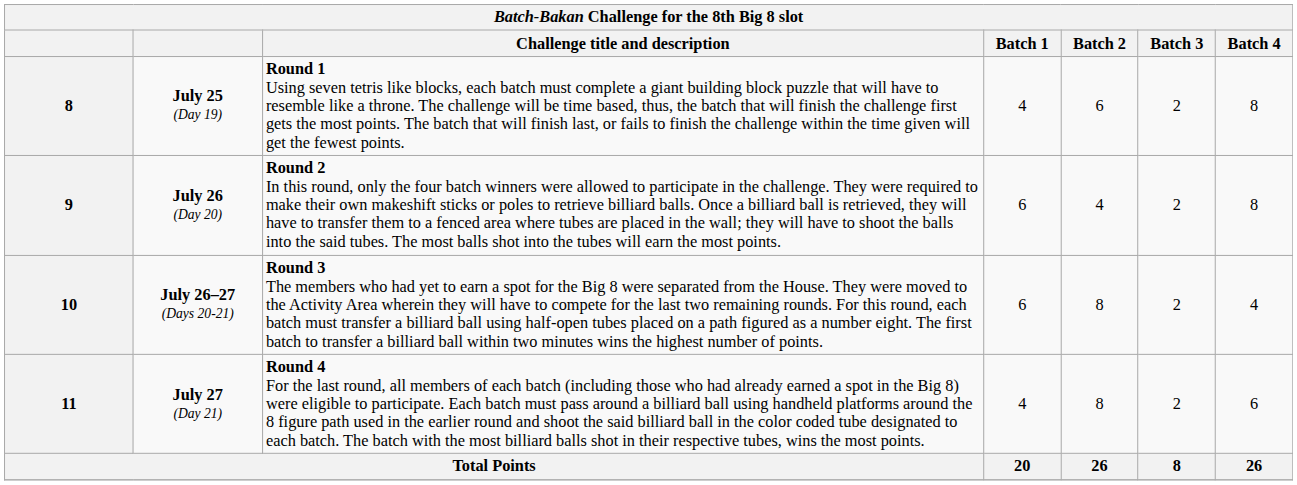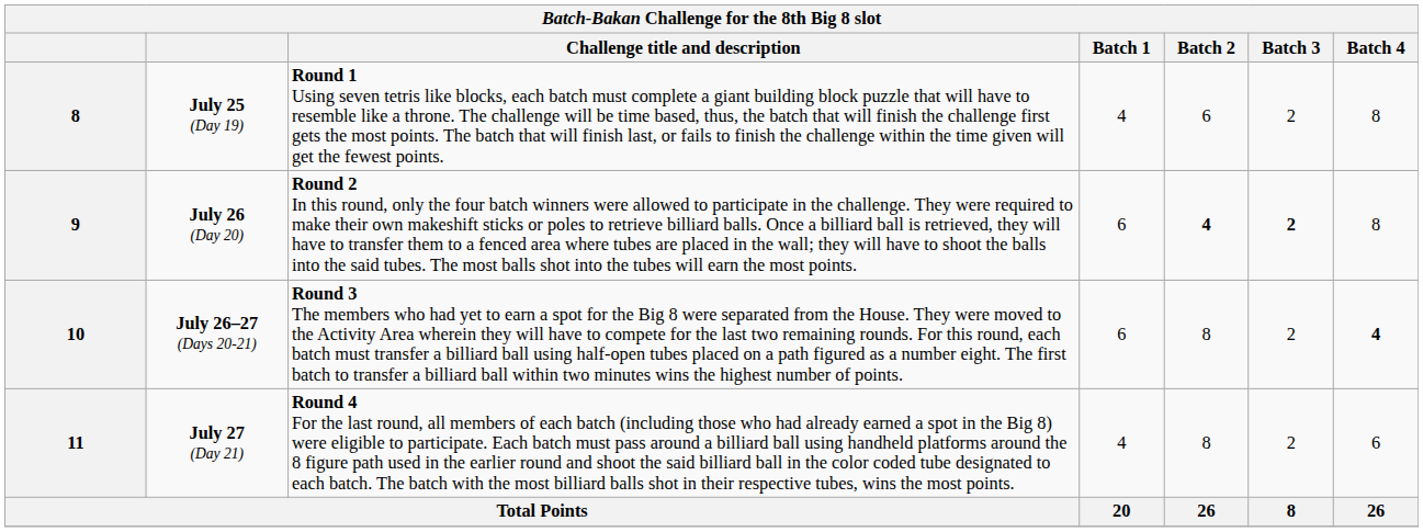 <table class="wikitable" style="text-align:center; font-size:100%; line-height:18px;" width="100%">
 <tr>
 <th colspan="7"><em>Batch-Bakan</em> Challenge for the 8th Big 8 slot</th>
 </tr>
 <tr>
 <th style="width: 10%;"></th>
 <th style="width: 10%;"></th>
 <th style="width: 56%;">Challenge title and description</th>
 <th style="width: 06%;" align="center" style="background:#1842CA; color:white;">Batch 1</th>
 <th style="width: 06%;" align="center" style="background:#11C830;">Batch 2</th>
 <th style="width: 06%;" align="center" style="background:#C71314; color:white;">Batch 3</th>
 <th style="width: 06%;" align="center" style="background:#FDDC03;">Batch 4</th>
 </tr>
 <tr>
 <th>8</th>
 <td><strong>July 25</strong><br><small><em>(Day 19)</em></small></td>
 <td align="left"><strong>Round 1</strong><br> Using seven tetris like blocks, each batch must complete a giant building block puzzle that will have to resemble like a throne. The challenge will be time based, thus, the batch that will finish the challenge first gets the most points. The batch that will finish last, or fails to finish the challenge within the time given will get the fewest points.</td>
 <td>4</td>
 <td>6</td>
 <td>2</td>
 <td>8</td>
 </tr>
 <tr>
 <th>9</th>
 <td><strong>July 26</strong><br><small><em>(Day 20)</em></small></td>
 <td align="left"><strong>Round 2</strong><br> In this round, only the four batch winners were allowed to participate in the challenge. They were required to make their own makeshift sticks or poles to retrieve billiard balls. Once a billiard ball is retrieved, they will have to transfer them to a fenced area where tubes are placed in the wall; they will have to shoot the balls into the said tubes. The most balls shot into the tubes will earn the most points.</td>
 <td>6</td>
-<td>4</td>
-<td>2</td>
+<td><strong>4</strong></td>
+<td><strong>2</strong></td>
 <td>8</td>
 </tr>
 <tr>
 <th>10</th>
 <td><strong>July 26–27</strong><br><small><em>(Days 20-21)</em></small></td>
 <td align="left"><strong>Round 3</strong><br> The members who had yet to earn a spot for the Big 8 were separated from the House. They were moved to the Activity Area wherein they will have to compete for the last two remaining rounds. For this round, each batch must transfer a billiard ball using half-open tubes placed on a path figured as a number eight. The first batch to transfer a billiard ball within two minutes wins the highest number of points.</td>
 <td>6</td>
 <td>8</td>
 <td>2</td>
-<td>4</td>
+<td><strong>4</strong></td>
 </tr>
 <tr>
 <th>11</th>
 <td><strong>July 27</strong><br><small><em>(Day 21)</em></small></td>
 <td align="left"><strong>Round 4</strong><br>For the last round, all members of each batch (including those who had already earned a spot in the Big 8) were eligible to participate. Each batch must pass around a billiard ball using handheld platforms around the 8 figure path used in the earlier round and shoot the said billiard ball in the color coded tube designated to each batch. The batch with the most billiard balls shot in their respective tubes, wins the most points.</td>
 <td>4</td>
 <td>8</td>
 <td>2</td>
 <td>6</td>
 </tr>
 <tr>
 <th colspan ="3">Total Points</th>
 <th>20</th>
 <th>26</th>
 <th>8</th>
 <th>26</th>
 </tr>
 <tr>
 </tr>
 </table>
